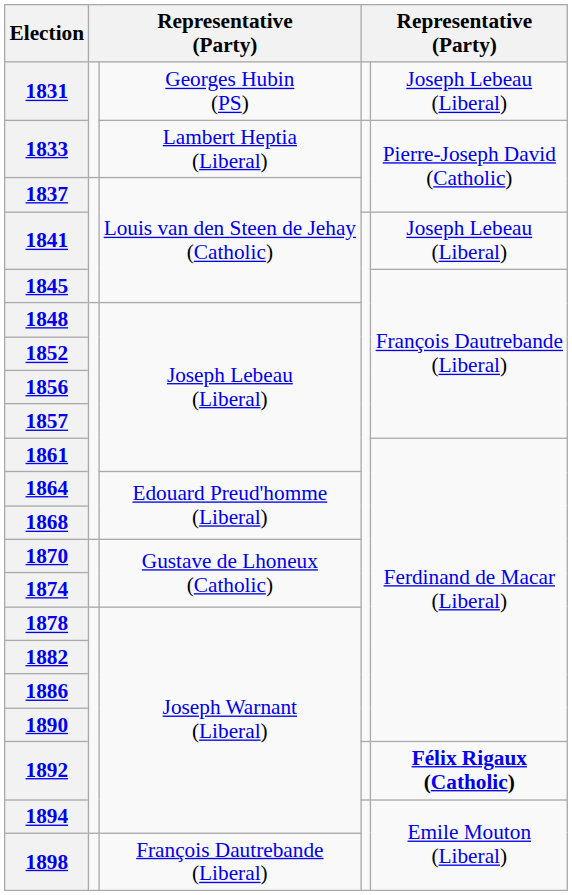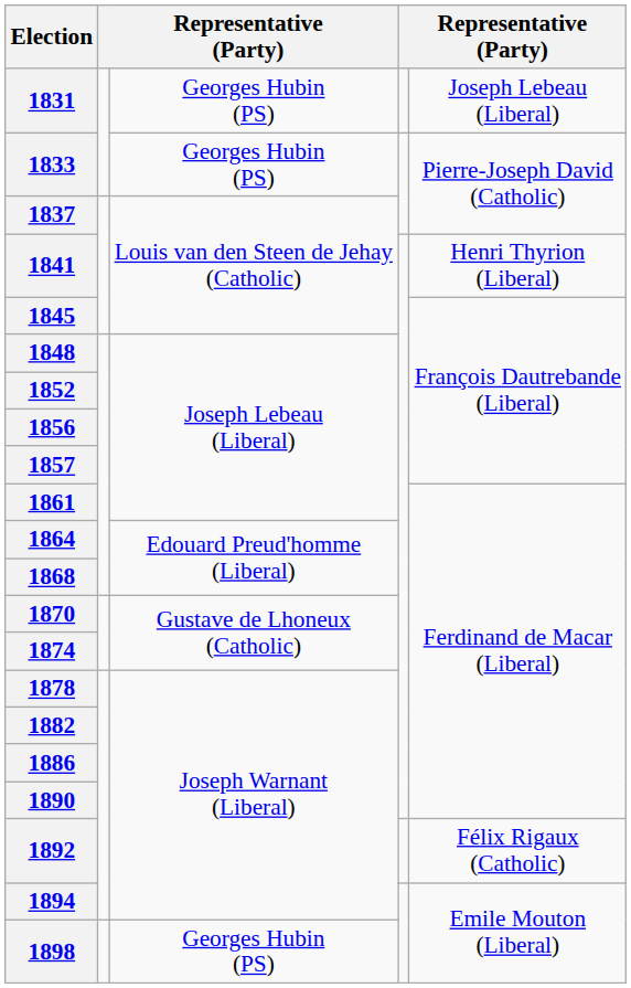 <table class="wikitable" style="text-align:center">
 <tr>
 <th>Election</th>
 <th colspan=2>Representative<br>(Party)</th>
 <th colspan=2>Representative<br>(Party)</th>
 </tr>
 <tr>
 <th><a href='#'>1831</a></th>
 <td rowspan=2; style="background-color: "></td>
 <td rowspan=1><a href='#'>Georges Hubin</a><br>(<a href='#'>PS</a>)</td>
 <td rowspan=1; style="background-color: "></td>
 <td rowspan=1><a href='#'>Joseph Lebeau</a><br>(<a href='#'>Liberal</a>)</td>
 </tr>
 <tr>
 <th><a href='#'>1833</a></th>
-<td rowspan=1><a href='#'>Lambert Heptia</a><br>(<a href='#'>Liberal</a>)</td>
+<td rowspan=1><a href='#'>Georges Hubin</a><br>(<a href='#'>PS</a>)</td>
 <td rowspan=2; style="background-color: "></td>
 <td rowspan=2><a href='#'>Pierre-Joseph David</a><br>(<a href='#'>Catholic</a>)</td>
 </tr>
 <tr>
 <th><a href='#'>1837</a></th>
 <td rowspan=3; style="background-color: "></td>
 <td rowspan=3><a href='#'>Louis van den Steen de Jehay</a><br>(<a href='#'>Catholic</a>)</td>
 </tr>
 <tr>
 <th><a href='#'>1841</a></th>
 <td rowspan=15; style="background-color: "></td>
-<td rowspan=1><a href='#'>Joseph Lebeau</a><br>(<a href='#'>Liberal</a>)</td>
+<td rowspan=1><a href='#'>Henri Thyrion</a><br>(<a href='#'>Liberal</a>)</td>
 </tr>
 <tr>
 <th><a href='#'>1845</a></th>
 <td rowspan=5><a href='#'>François Dautrebande</a><br>(<a href='#'>Liberal</a>)</td>
 </tr>
 <tr>
 <th><a href='#'>1848</a></th>
 <td rowspan=7; style="background-color: "></td>
 <td rowspan=5><a href='#'>Joseph Lebeau</a><br>(<a href='#'>Liberal</a>)</td>
 </tr>
 <tr>
 <th><a href='#'>1852</a></th>
 </tr>
 <tr>
 <th><a href='#'>1856</a></th>
 </tr>
 <tr>
 <th><a href='#'>1857</a></th>
 </tr>
 <tr>
 <th><a href='#'>1861</a></th>
 <td rowspan=9><a href='#'>Ferdinand de Macar</a><br>(<a href='#'>Liberal</a>)</td>
 </tr>
 <tr>
 <th><a href='#'>1864</a></th>
 <td rowspan=2><a href='#'>Edouard Preud'homme</a><br>(<a href='#'>Liberal</a>)</td>
 </tr>
 <tr>
 <th><a href='#'>1868</a></th>
 </tr>
 <tr>
 <th><a href='#'>1870</a></th>
 <td rowspan=2; style="background-color: "></td>
 <td rowspan=2><a href='#'>Gustave de Lhoneux</a><br>(<a href='#'>Catholic</a>)</td>
 </tr>
 <tr>
 <th><a href='#'>1874</a></th>
 </tr>
 <tr>
 <th><a href='#'>1878</a></th>
 <td rowspan=6; style="background-color: "></td>
 <td rowspan=6><a href='#'>Joseph Warnant</a><br>(<a href='#'>Liberal</a>)</td>
 </tr>
 <tr>
 <th><a href='#'>1882</a></th>
 </tr>
 <tr>
 <th><a href='#'>1886</a></th>
 </tr>
 <tr>
 <th><a href='#'>1890</a></th>
 </tr>
 <tr>
 <th><a href='#'>1892</a></th>
 <td rowspan=1; style="background-color: "></td>
-<td rowspan=1><strong><a href='#'>Félix Rigaux</a><br>(<a href='#'>Catholic</a>)</strong></td>
+<td rowspan=1><a href='#'>Félix Rigaux</a><br>(<a href='#'>Catholic</a>)</td>
 </tr>
 <tr>
 <th><a href='#'>1894</a></th>
 <td rowspan=2; style="background-color: "></td>
 <td rowspan=2><a href='#'>Emile Mouton</a><br>(<a href='#'>Liberal</a>)</td>
 </tr>
 <tr>
 <th><a href='#'>1898</a></th>
 <td rowspan=1; style="background-color: "></td>
-<td rowspan=1><a href='#'>François Dautrebande</a><br>(<a href='#'>Liberal</a>)</td>
+<td rowspan=1><a href='#'>Georges Hubin</a><br>(<a href='#'>PS</a>)</td>
 </tr>
 </table>
